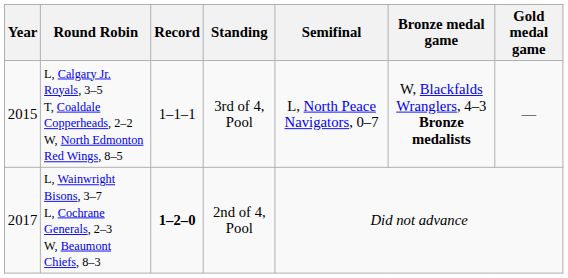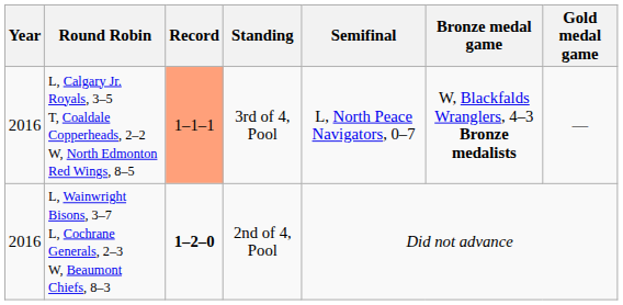 <table class="wikitable" style="text-align:center">
 <tr>
 <th>Year</th>
 <th>Round Robin</th>
 <th>Record</th>
 <th>Standing</th>
 <th>Semifinal</th>
 <th>Bronze medal game</th>
 <th>Gold medal game</th>
 </tr>
 <tr>
-<td>2015</td>
+<td>2016</td>
 <td align=left><small>L, <a href='#'>Calgary Jr. Royals</a>, 3–5<br>T, <a href='#'>Coaldale Copperheads</a>, 2–2<br>W, <a href='#'>North Edmonton Red Wings</a>, 8–5</small></td>
-<td>1–1–1</td>
+<td style="background: lightsalmon;">1–1–1</td>
 <td>3rd of 4, Pool</td>
 <td>L, <a href='#'>North Peace Navigators</a>, 0–7</td>
 <td>W, <a href='#'>Blackfalds Wranglers</a>, 4–3<br><strong>Bronze medalists</strong></td>
 <td>—</td>
 </tr>
 <tr>
-<td>2017</td>
+<td>2016</td>
 <td align=left><small>L, <a href='#'>Wainwright Bisons</a>, 3–7<br>L, <a href='#'>Cochrane Generals</a>, 2–3<br>W, <a href='#'>Beaumont Chiefs</a>, 8–3</small></td>
 <td><strong>1–2–0</strong></td>
 <td>2nd of 4, Pool</td>
 <td colspan=3><em>Did not advance</em></td>
 </tr>
 </table>
